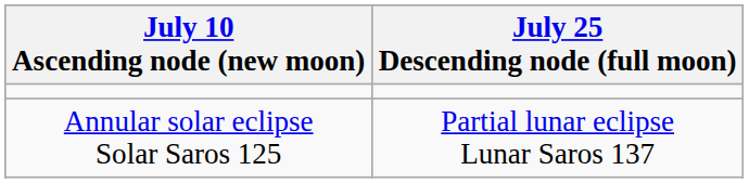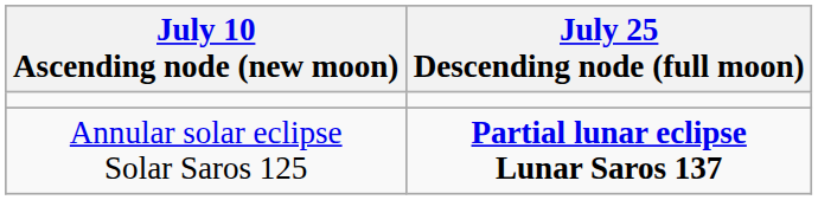 <table class="wikitable">
 <tr>
 <th><a href='#'>July 10</a><br>Ascending node (new moon)</th>
 <th><a href='#'>July 25</a><br>Descending node (full moon)</th>
 </tr>
 <tr>
 <td></td>
 <td></td>
 </tr>
 <tr align=center>
 <td><a href='#'>Annular solar eclipse</a><br>Solar Saros 125</td>
-<td><a href='#'>Partial lunar eclipse</a><br>Lunar Saros 137</td>
+<td><strong><a href='#'>Partial lunar eclipse</a><br>Lunar Saros 137</strong></td>
 </tr>
 </table>
